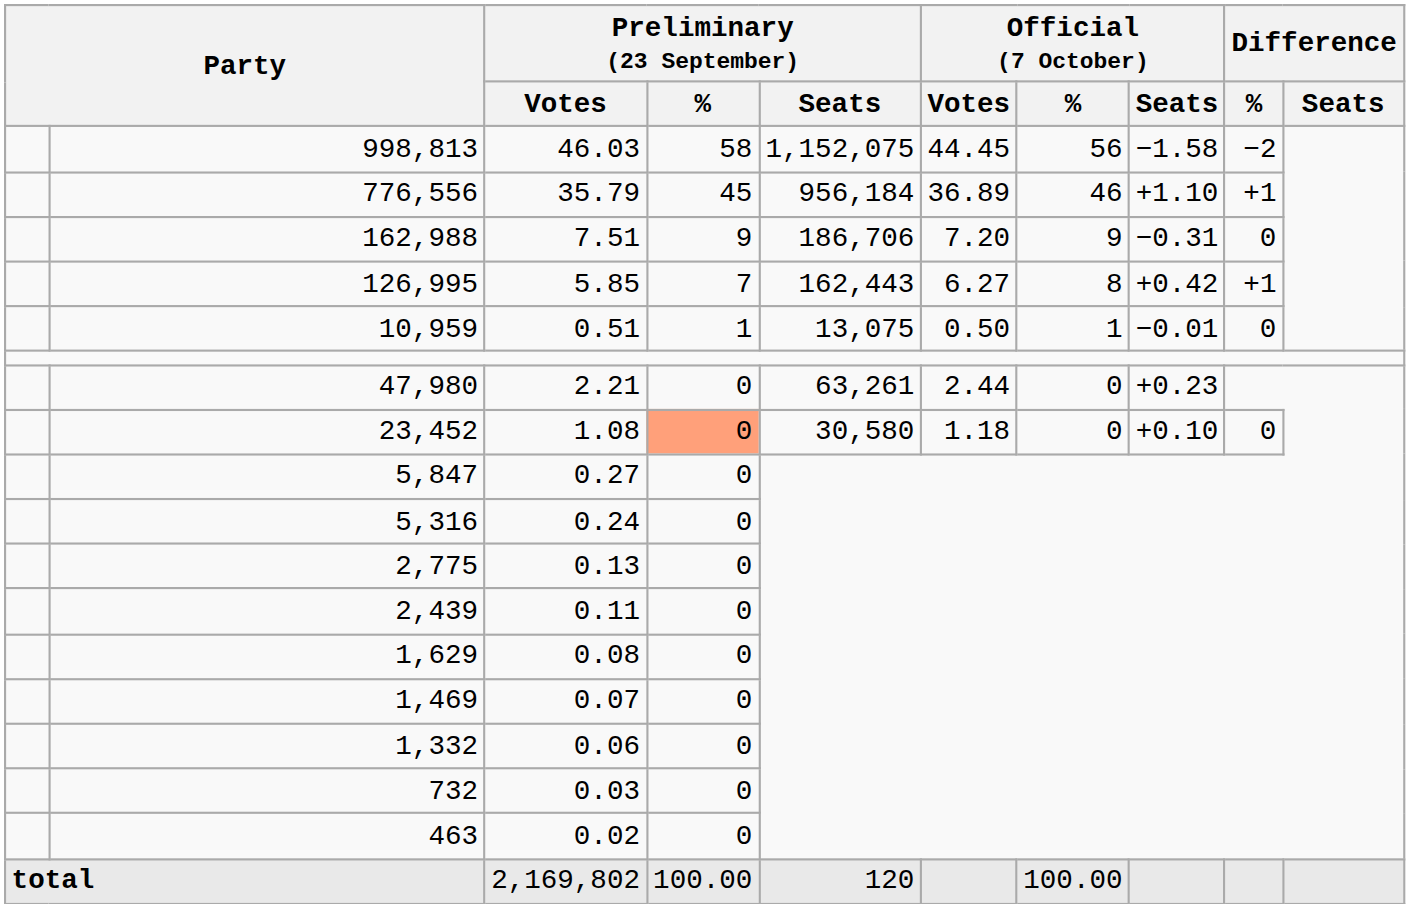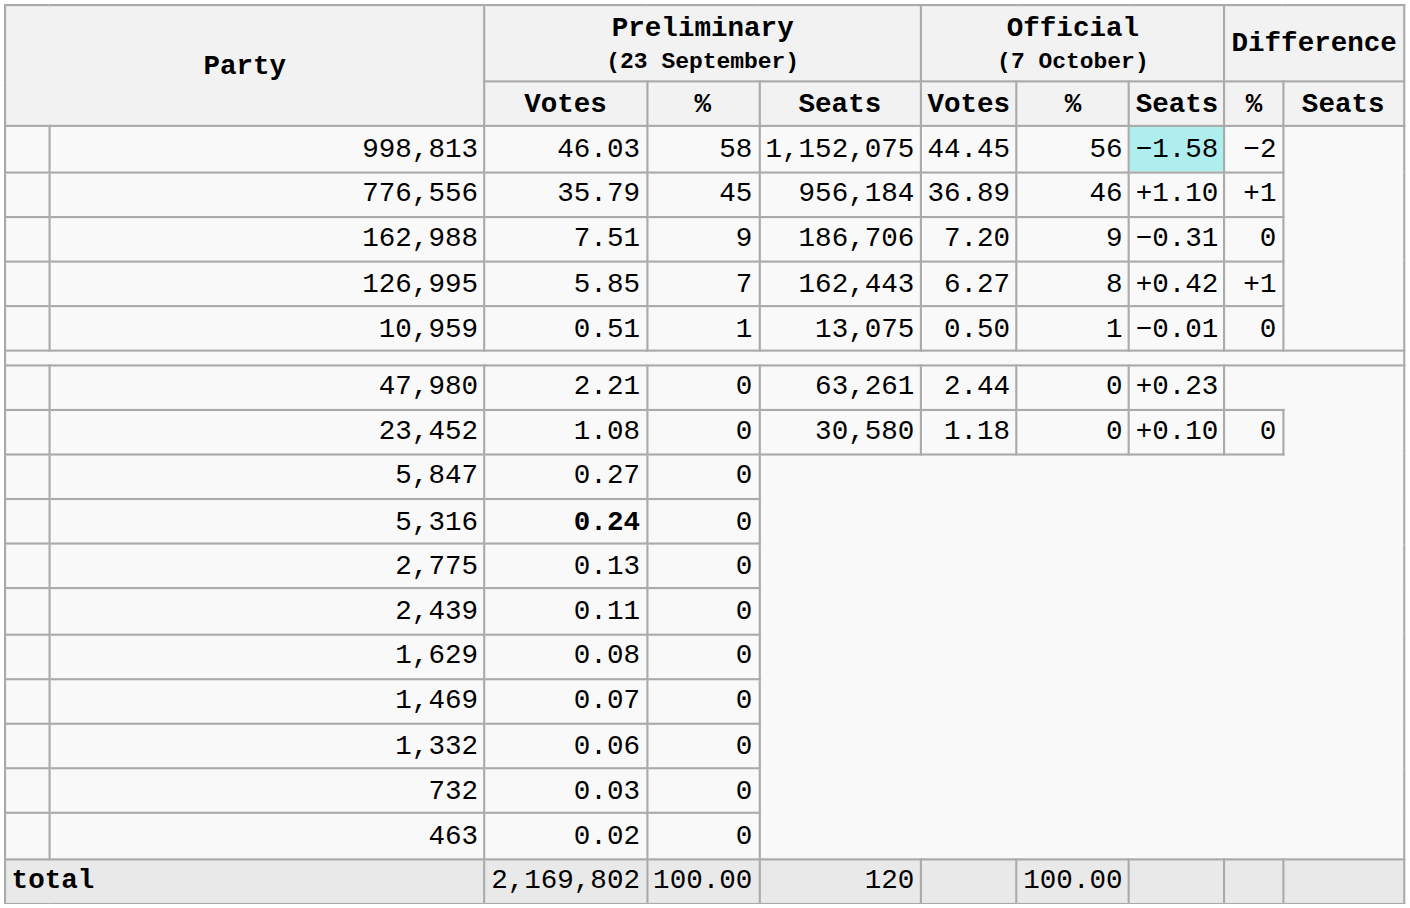 <table class="wikitable" style="text-align:right;">
 <tr style="background-color:#E9E9E9;text-align:center;">
 <th colspan=2 rowspan=2 width=220>Party</th>
 <th colspan=3>Preliminary<br><small>(23 September)</small></th>
 <th colspan=3>Official<br><small>(7 October)</small></th>
 <th colspan=2>Difference</th>
 </tr>
 <tr style="background-color:#E9E9E9;text-align:center;">
 <th>Votes</th>
 <th>%</th>
 <th>Seats</th>
 <th>Votes</th>
 <th>%</th>
 <th>Seats</th>
 <th>%</th>
 <th>Seats</th>
 </tr>
 <tr>
 <td></td>
 <td>998,813</td>
 <td>46.03</td>
 <td>58</td>
 <td>1,152,075</td>
 <td>44.45</td>
 <td>56</td>
-<td>−1.58</td>
+<td style="background: paleturquoise;">−1.58</td>
 <td>−2</td>
 </tr>
 <tr>
 <td></td>
 <td>776,556</td>
 <td>35.79</td>
 <td>45</td>
 <td>956,184</td>
 <td>36.89</td>
 <td>46</td>
 <td>+1.10</td>
 <td>+1</td>
 </tr>
 <tr>
 <td></td>
 <td>162,988</td>
 <td>7.51</td>
 <td>9</td>
 <td>186,706</td>
 <td>7.20</td>
 <td>9</td>
 <td>−0.31</td>
 <td>0</td>
 </tr>
 <tr>
 <td></td>
 <td>126,995</td>
 <td>5.85</td>
 <td>7</td>
 <td>162,443</td>
 <td>6.27</td>
 <td>8</td>
 <td>+0.42</td>
 <td>+1</td>
 </tr>
 <tr>
 <td></td>
 <td>10,959</td>
 <td>0.51</td>
 <td>1</td>
 <td>13,075</td>
 <td>0.50</td>
 <td>1</td>
 <td>−0.01</td>
 <td>0</td>
 </tr>
 <tr>
 <td colspan=10></td>
 </tr>
 <tr>
 <td></td>
 <td>47,980</td>
 <td>2.21</td>
 <td>0</td>
 <td>63,261</td>
 <td>2.44</td>
 <td>0</td>
 <td>+0.23</td>
 </tr>
 <tr>
 <td></td>
 <td>23,452</td>
 <td>1.08</td>
-<td style="background: lightsalmon;">0</td>
+<td>0</td>
 <td>30,580</td>
 <td>1.18</td>
 <td>0</td>
 <td>+0.10</td>
 <td>0</td>
 </tr>
 <tr>
 <td></td>
 <td>5,847</td>
 <td>0.27</td>
 <td>0</td>
 </tr>
 <tr>
 <td></td>
 <td>5,316</td>
-<td>0.24</td>
+<td><strong>0.24</strong></td>
 <td>0</td>
 </tr>
 <tr>
 <td></td>
 <td>2,775</td>
 <td>0.13</td>
 <td>0</td>
 </tr>
 <tr>
 <td></td>
 <td>2,439</td>
 <td>0.11</td>
 <td>0</td>
 </tr>
 <tr>
 <td></td>
 <td>1,629</td>
 <td>0.08</td>
 <td>0</td>
 </tr>
 <tr>
 <td></td>
 <td>1,469</td>
 <td>0.07</td>
 <td>0</td>
 </tr>
 <tr>
 <td></td>
 <td>1,332</td>
 <td>0.06</td>
 <td>0</td>
 </tr>
 <tr>
 <td></td>
 <td>732</td>
 <td>0.03</td>
 <td>0</td>
 </tr>
 <tr>
 <td></td>
 <td>463</td>
 <td>0.02</td>
 <td>0</td>
 </tr>
 <tr style="background-color:#E9E9E9;">
 <td colspan=2 style="text-align:left;"><strong>total</strong></td>
 <td>2,169,802</td>
 <td>100.00</td>
 <td>120</td>
 <td></td>
 <td>100.00</td>
 <td></td>
 <td></td>
 <td></td>
 </tr>
 </table>
